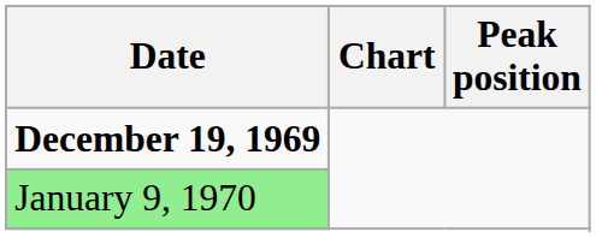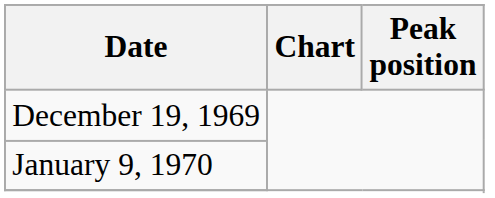 <table class="wikitable">
 <tr>
 <th>Date</th>
 <th>Chart</th>
 <th>Peak<br>position</th>
 </tr>
 <tr>
-<td><strong>December 19, 1969<br></strong></td>
+<td>December 19, 1969<br></td>
 </tr>
 <tr>
-<td style="background: lightgreen;">January 9, 1970<br></td>
+<td>January 9, 1970<br></td>
 </tr>
 <tr>
 </tr>
 </table>
